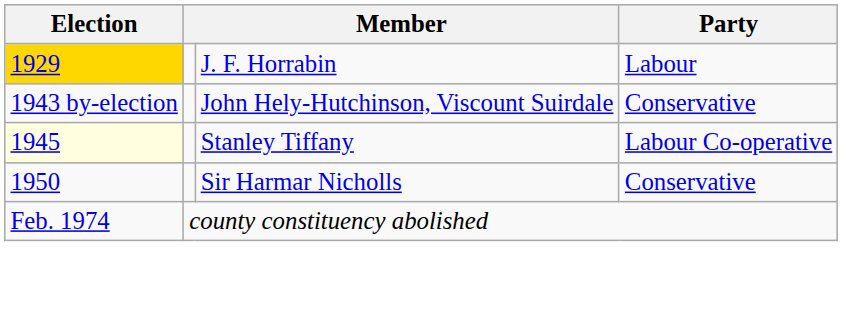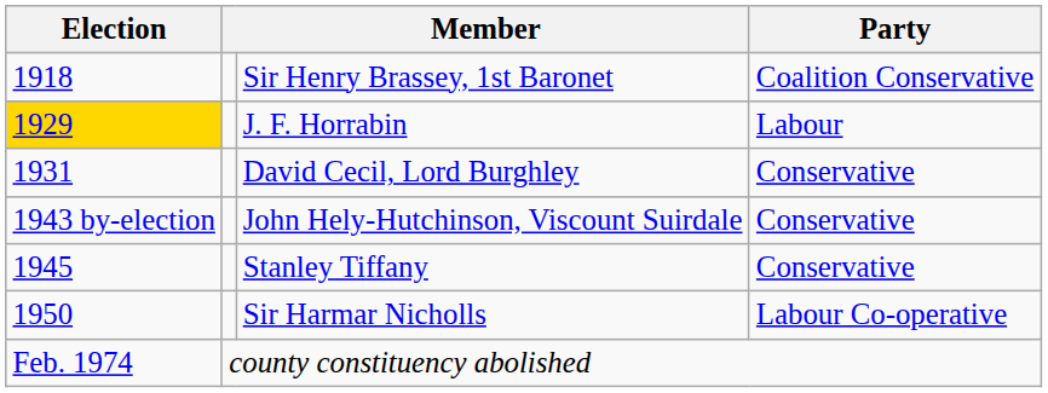 <table class="wikitable">
 <tr>
 <th>Election</th>
 <th colspan="2">Member</th>
 <th>Party</th>
+</tr>
+<tr>
+<td><a href='#'>1918</a></td>
+<td style="color:inherit;background-color: "></td>
+<td><a href='#'>Sir Henry Brassey, 1st Baronet</a></td>
+<td><a href='#'>Coalition Conservative</a></td>
 </tr>
 <tr>
 <td style="background: gold;"><a href='#'>1929</a></td>
 <td style="color:inherit;background-color: "></td>
 <td><a href='#'>J. F. Horrabin</a></td>
 <td><a href='#'>Labour</a></td>
 </tr>
 <tr>
+<td><a href='#'>1931</a></td>
+<td style="color:inherit;background-color: "></td>
+<td><a href='#'>David Cecil, Lord Burghley</a></td>
+<td><a href='#'>Conservative</a></td>
+</tr>
+<tr>
 <td><a href='#'>1943 by-election</a></td>
 <td style="color:inherit;background-color: "></td>
 <td><a href='#'>John Hely-Hutchinson, Viscount Suirdale</a></td>
 <td><a href='#'>Conservative</a></td>
 </tr>
 <tr>
-<td style="background: lightyellow;"><a href='#'>1945</a></td>
+<td><a href='#'>1945</a></td>
 <td style="color:inherit;background-color: "></td>
 <td><a href='#'>Stanley Tiffany</a></td>
-<td><a href='#'>Labour Co-operative</a></td>
+<td><a href='#'>Conservative</a></td>
 </tr>
 <tr>
 <td><a href='#'>1950</a></td>
 <td style="color:inherit;background-color: "></td>
 <td><a href='#'>Sir Harmar Nicholls</a></td>
-<td><a href='#'>Conservative</a></td>
+<td><a href='#'>Labour Co-operative</a></td>
 </tr>
 <tr>
 <td><a href='#'>Feb. 1974</a></td>
 <td colspan="3"><em>county constituency abolished</em></td>
 </tr>
 </table>
